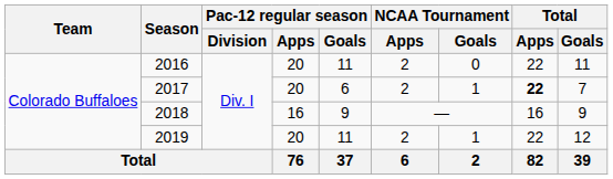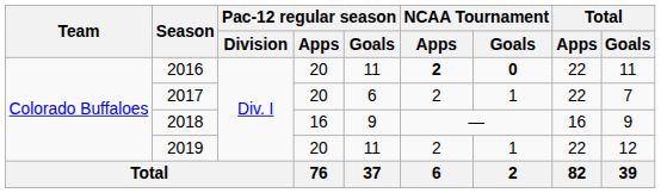 <table class="wikitable" style="text-align: center;">
 <tr>
 <th rowspan="2">Team</th>
 <th rowspan="2">Season</th>
 <th colspan="3">Pac-12 regular season</th>
 <th colspan="2">NCAA Tournament</th>
 <th colspan="2">Total</th>
 </tr>
 <tr>
 <th>Division</th>
 <th>Apps</th>
 <th>Goals</th>
 <th>Apps</th>
 <th>Goals</th>
 <th>Apps</th>
 <th>Goals</th>
 </tr>
 <tr>
 <td rowspan="4"><a href='#'>Colorado Buffaloes</a></td>
 <td>2016</td>
 <td rowspan="4"><a href='#'>Div. I</a></td>
 <td>20</td>
 <td>11</td>
-<td>2</td>
-<td>0</td>
+<td><strong>2</strong></td>
+<td><strong>0</strong></td>
 <td>22</td>
 <td>11</td>
 </tr>
 <tr>
 <td>2017</td>
 <td>20</td>
 <td>6</td>
 <td>2</td>
 <td>1</td>
-<td><strong>22</strong></td>
+<td>22</td>
 <td>7</td>
 </tr>
 <tr>
 <td>2018</td>
 <td>16</td>
 <td>9</td>
 <td colspan="2">—</td>
 <td>16</td>
 <td>9</td>
 </tr>
 <tr>
 <td>2019</td>
 <td>20</td>
 <td>11</td>
 <td>2</td>
 <td>1</td>
 <td>22</td>
 <td>12</td>
 </tr>
 <tr>
 <th colspan="3">Total</th>
 <th>76</th>
 <th>37</th>
 <th>6</th>
 <th>2</th>
 <th>82</th>
 <th>39</th>
 </tr>
 </table>
